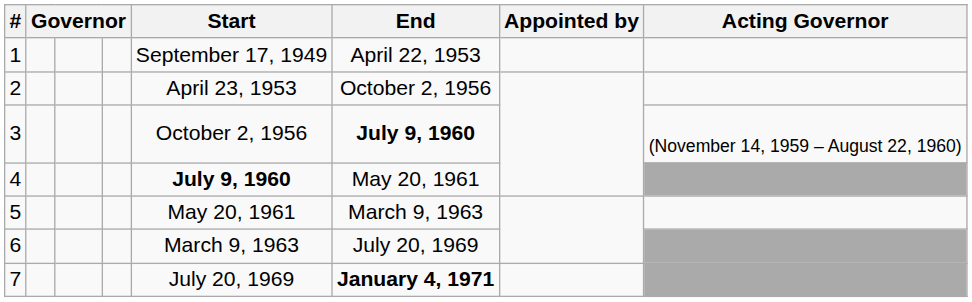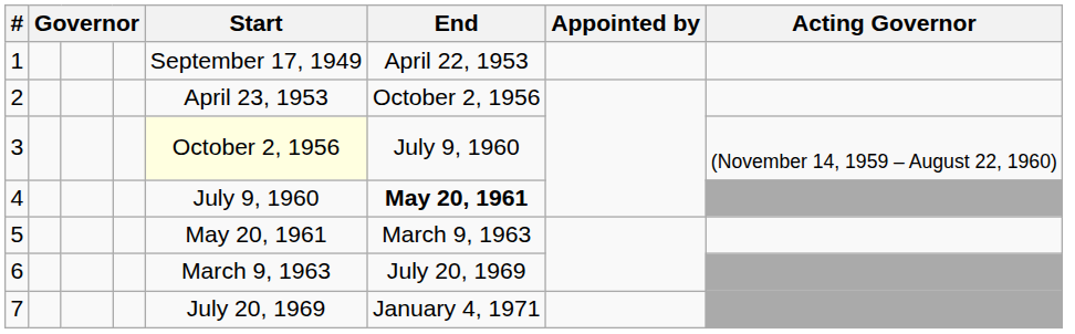 <table class="wikitable" style="text-align: center;">
 <tr>
 <th>#</th>
 <th colspan="3">Governor<br></th>
 <th>Start</th>
 <th>End</th>
 <th>Appointed by</th>
 <th>Acting Governor</th>
 </tr>
 <tr>
 <td>1</td>
 <td></td>
 <td style="background: "> </td>
 <td><strong></strong><br></td>
 <td>September 17, 1949</td>
 <td>April 22, 1953</td>
 <td></td>
 <td><br></td>
 </tr>
 <tr>
 <td>2</td>
 <td></td>
 <td style="background: "> </td>
 <td><strong></strong><br></td>
 <td>April 23, 1953</td>
 <td>October 2, 1956</td>
 <td rowspan=3></td>
 <td><br></td>
 </tr>
 <tr>
 <td>3</td>
 <td></td>
 <td style="background: "> </td>
 <td><strong></strong><br></td>
-<td>October 2, 1956</td>
-<td><strong>July 9, 1960</strong></td>
+<td style="background: lightyellow;">October 2, 1956</td>
+<td>July 9, 1960</td>
 <td><br><small>(November 14, 1959 – August 22, 1960)</small></td>
 </tr>
 <tr>
 <td>4</td>
 <td></td>
 <td style="background: "> </td>
 <td><strong></strong><br></td>
-<td><strong>July 9, 1960</strong></td>
-<td>May 20, 1961</td>
+<td>July 9, 1960</td>
+<td><strong>May 20, 1961</strong></td>
 <td bgcolor=#aaaaaa></td>
 </tr>
 <tr>
 <td>5</td>
 <td></td>
 <td style="background: "> </td>
 <td><strong></strong><br></td>
 <td>May 20, 1961</td>
 <td>March 9, 1963</td>
 <td rowspan=2></td>
 <td><br></td>
 </tr>
 <tr>
 <td>6</td>
 <td></td>
 <td style="background: "> </td>
 <td><strong></strong><br></td>
 <td>March 9, 1963</td>
 <td>July 20, 1969</td>
 <td bgcolor=#aaaaaa></td>
 </tr>
 <tr>
 <td>7</td>
 <td></td>
 <td style="background: "> </td>
 <td><strong></strong><br></td>
 <td>July 20, 1969</td>
-<td><strong>January 4, 1971</strong></td>
+<td>January 4, 1971</td>
 <td></td>
 <td bgcolor=#aaaaaa></td>
 </tr>
 </table>
